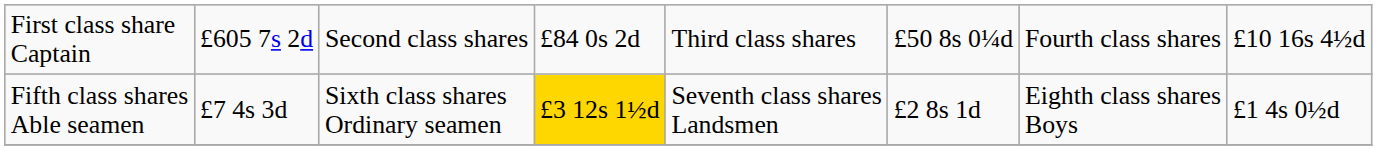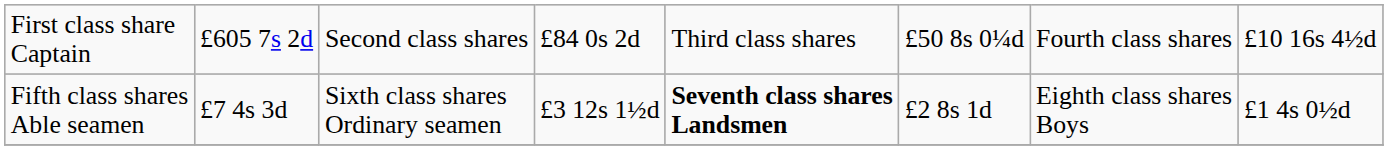 <table class="wikitable">
 <tr>
 <td>First class share<br>Captain</td>
 <td>£605 7<a href='#'>s</a> 2<a href='#'>d</a></td>
 <td>Second class shares</td>
 <td>£84 0s 2d</td>
 <td>Third class shares</td>
 <td>£50 8s 0¼d</td>
 <td>Fourth class shares</td>
 <td>£10 16s 4½d</td>
 </tr>
 <tr>
 <td>Fifth class shares<br>Able seamen</td>
 <td>£7 4s 3d</td>
 <td>Sixth class shares<br>Ordinary seamen</td>
-<td style="background: gold;">£3 12s 1½d</td>
-<td>Seventh class shares<br>Landsmen</td>
+<td>£3 12s 1½d</td>
+<td><strong>Seventh class shares<br>Landsmen</strong></td>
 <td>£2 8s 1d</td>
 <td>Eighth class shares<br>Boys</td>
 <td>£1 4s 0½d</td>
 </tr>
 <tr>
 </tr>
 </table>
